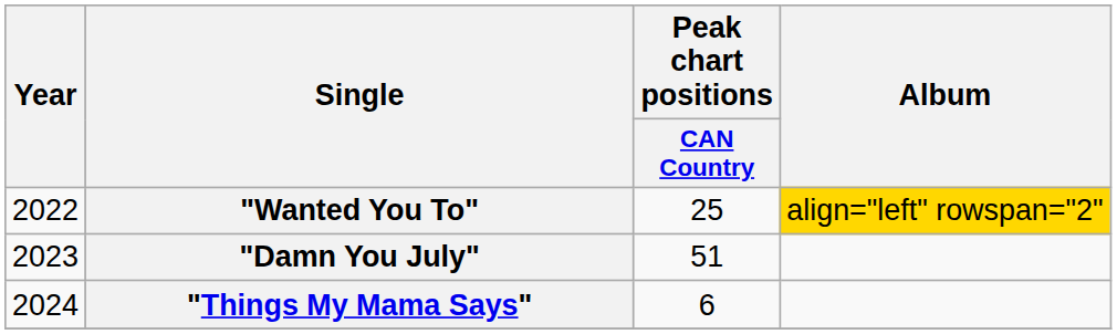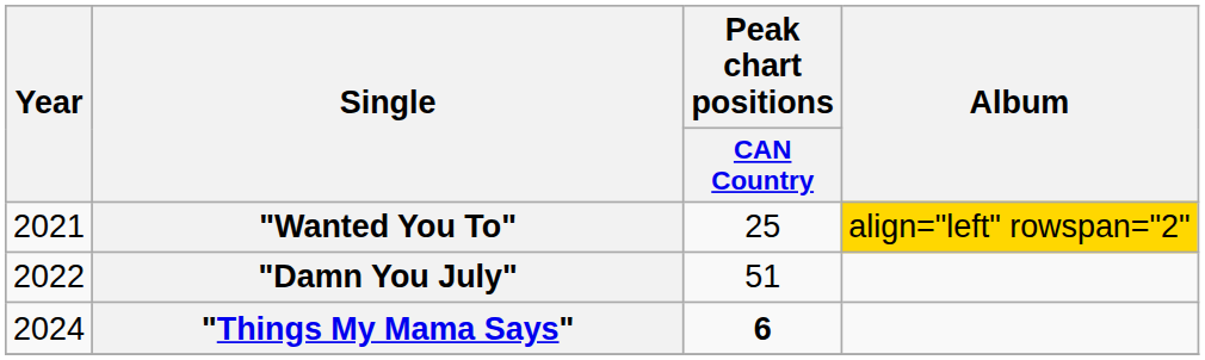 <table class="wikitable plainrowheaders" style="text-align:center;">
 <tr>
 <th rowspan="2">Year</th>
 <th rowspan="2" style="width:18em;">Single</th>
 <th colspan="1">Peak chart positions</th>
 <th rowspan="2">Album</th>
 </tr>
 <tr style="font-size:smaller;">
 <th style="width:4em;"><a href='#'>CAN Country</a><br></th>
 </tr>
 <tr>
-<td>2022</td>
+<td>2021</td>
 <th scope="row">"Wanted You To"</th>
 <td>25</td>
 <td style="background: gold;">align="left" rowspan="2" </td>
 </tr>
 <tr>
-<td>2023</td>
+<td>2022</td>
 <th scope="row">"Damn You July"</th>
 <td>51</td>
 </tr>
 <tr>
 <td>2024</td>
 <th scope="row">"<a href='#'>Things My Mama Says</a>"</th>
-<td>6</td>
+<td><strong>6</strong></td>
 <td></td>
 </tr>
 <tr>
 </tr>
 </table>
